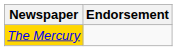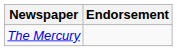 <table class="wikitable">
 <tr>
 <th>Newspaper</th>
 <th colspan="2">Endorsement</th>
 </tr>
 <tr>
-<td style="background: gold;"><em><a href='#'>The Mercury</a></em></td>
+<td><em><a href='#'>The Mercury</a></em></td>
 <td></td>
 </tr>
 </table>
